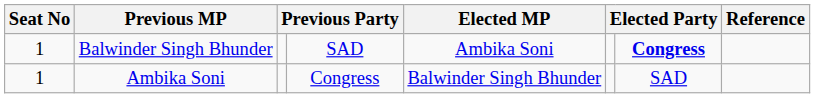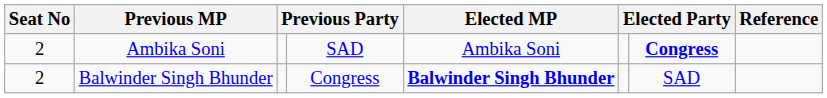 <table class="wikitable">
 <tr>
 <th>Seat No</th>
 <th>Previous MP</th>
 <th colspan=2>Previous Party</th>
 <th>Elected MP</th>
 <th colspan=2>Elected Party</th>
 <th>Reference</th>
 </tr>
 <tr style="text-align:center;">
-<td>1</td>
-<td><a href='#'>Balwinder Singh Bhunder</a></td>
+<td>2</td>
+<td><a href='#'>Ambika Soni</a></td>
 <td width="1px"></td>
 <td><a href='#'>SAD</a></td>
 <td><a href='#'>Ambika Soni</a></td>
 <td width="1px"></td>
 <td><strong><a href='#'>Congress</a></strong></td>
 <td rowspan=1></td>
 </tr>
 <tr style="text-align:center;">
-<td>1</td>
-<td><a href='#'>Ambika Soni</a></td>
+<td>2</td>
+<td><a href='#'>Balwinder Singh Bhunder</a></td>
 <td width="1px"></td>
 <td><a href='#'>Congress</a></td>
-<td><a href='#'>Balwinder Singh Bhunder</a></td>
+<td><strong><a href='#'>Balwinder Singh Bhunder</a></strong></td>
 <td width="1px"></td>
 <td><a href='#'>SAD</a></td>
 <td rowspan=1></td>
 </tr>
 </table>
